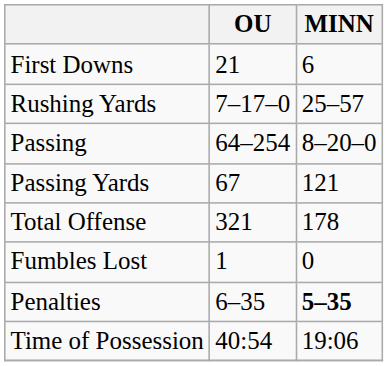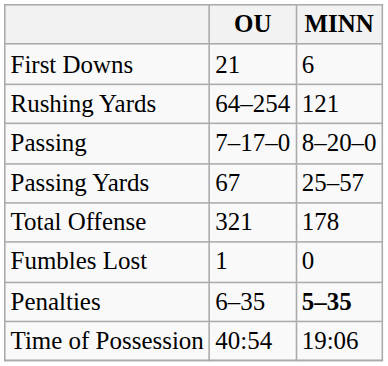 <table class="wikitable">
 <tr>
 <th></th>
 <th>OU</th>
 <th>MINN</th>
 </tr>
 <tr>
 <td>First Downs</td>
 <td>21</td>
 <td>6</td>
 </tr>
 <tr>
 <td>Rushing Yards</td>
-<td>7–17–0</td>
-<td>25–57</td>
+<td>64–254</td>
+<td>121</td>
 </tr>
 <tr>
 <td>Passing</td>
-<td>64–254</td>
+<td>7–17–0</td>
 <td>8–20–0</td>
 </tr>
 <tr>
 <td>Passing Yards</td>
 <td>67</td>
-<td>121</td>
+<td>25–57</td>
 </tr>
 <tr>
 <td>Total Offense</td>
 <td>321</td>
 <td>178</td>
 </tr>
 <tr>
 <td>Fumbles Lost</td>
 <td>1</td>
 <td>0</td>
 </tr>
 <tr>
 <td>Penalties</td>
 <td>6–35</td>
 <td><strong>5–35</strong></td>
 </tr>
 <tr>
 <td>Time of Possession</td>
 <td>40:54</td>
 <td>19:06</td>
 </tr>
 <tr>
 </tr>
 </table>
